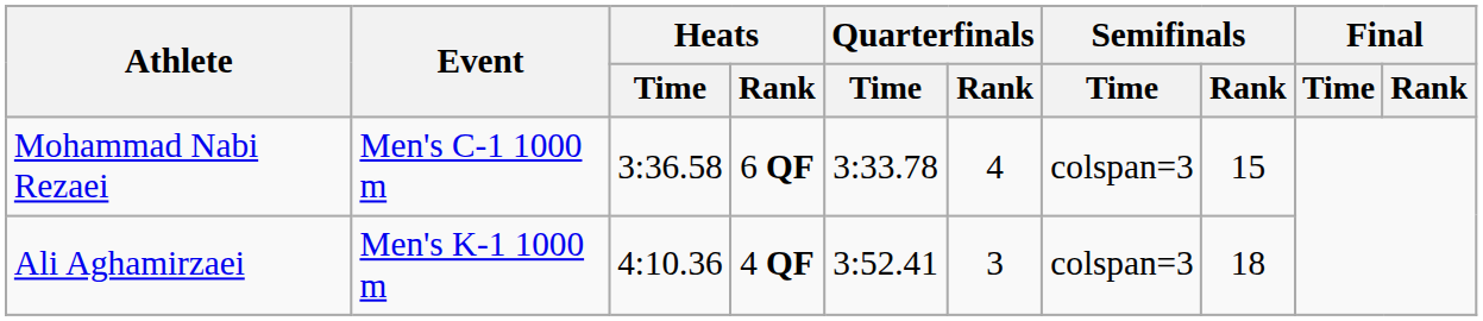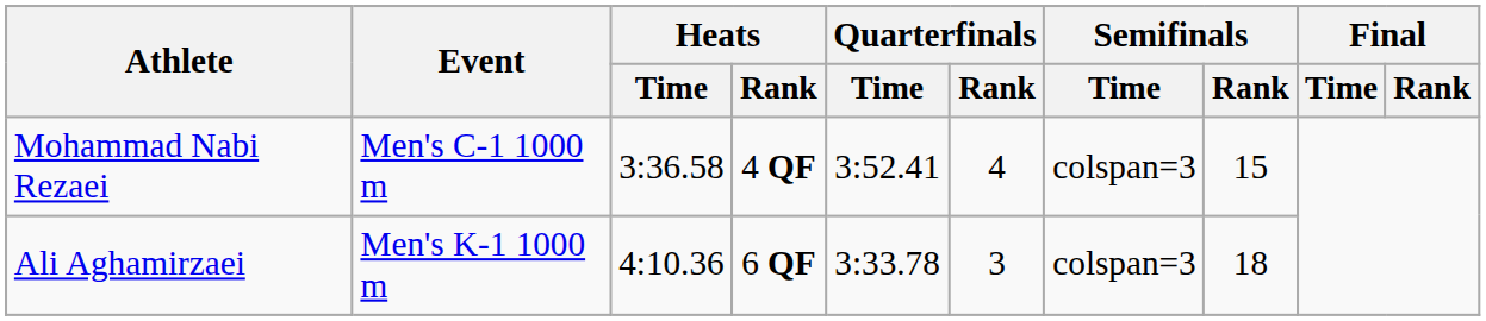 <table class=wikitable style="font-size:90%">
 <tr>
 <th rowspan="2">Athlete</th>
 <th rowspan="2">Event</th>
 <th colspan=2>Heats</th>
 <th colspan=2>Quarterfinals</th>
 <th colspan=2>Semifinals</th>
 <th colspan=2>Final</th>
 </tr>
 <tr style="font-size:95%">
 <th>Time</th>
 <th>Rank</th>
 <th>Time</th>
 <th>Rank</th>
 <th>Time</th>
 <th>Rank</th>
 <th>Time</th>
 <th>Rank</th>
 </tr>
 <tr align=center>
 <td align=left><a href='#'>Mohammad Nabi Rezaei</a></td>
 <td align=left><a href='#'>Men's C-1 1000 m</a></td>
 <td>3:36.58</td>
-<td>6 <strong>QF</strong></td>
-<td>3:33.78</td>
+<td>4 <strong>QF</strong></td>
+<td>3:52.41</td>
 <td>4</td>
 <td>colspan=3 </td>
 <td>15</td>
 </tr>
 <tr align=center>
 <td align=left><a href='#'>Ali Aghamirzaei</a></td>
 <td align=left><a href='#'>Men's K-1 1000 m</a></td>
 <td>4:10.36</td>
-<td>4 <strong>QF</strong></td>
-<td>3:52.41</td>
+<td>6 <strong>QF</strong></td>
+<td>3:33.78</td>
 <td>3</td>
 <td>colspan=3 </td>
 <td>18</td>
 </tr>
 </table>
